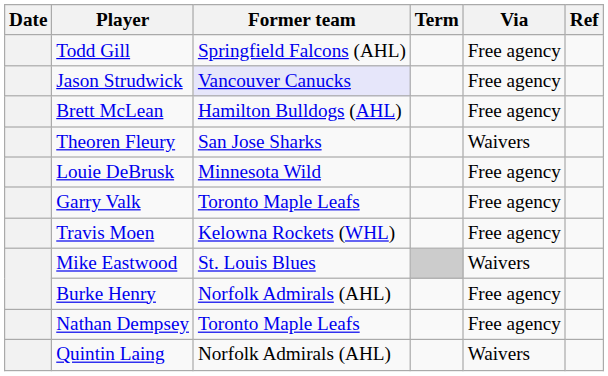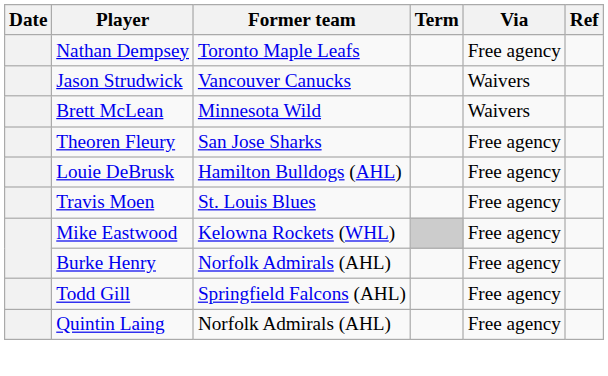 <table class="wikitable plainrowheaders">
 <tr style="background:#ddd; text-align:center;">
 <th>Date</th>
 <th>Player</th>
 <th>Former team</th>
 <th>Term</th>
 <th>Via</th>
 <th>Ref</th>
 </tr>
 <tr>
 <th scope="row"></th>
-<td><a href='#'>Todd Gill</a></td>
-<td><a href='#'>Springfield Falcons</a> (AHL)</td>
+<td><a href='#'>Nathan Dempsey</a></td>
+<td><a href='#'>Toronto Maple Leafs</a></td>
 <td></td>
 <td>Free agency</td>
 <td></td>
 </tr>
 <tr>
 <th scope="row"></th>
 <td><a href='#'>Jason Strudwick</a></td>
-<td style="background: lavender;"><a href='#'>Vancouver Canucks</a></td>
+<td><a href='#'>Vancouver Canucks</a></td>
+<td></td>
+<td>Waivers</td>
+<td></td>
+</tr>
+<tr>
+<th scope="row"></th>
+<td><a href='#'>Brett McLean</a></td>
+<td><a href='#'>Minnesota Wild</a></td>
+<td></td>
+<td>Waivers</td>
+<td></td>
+</tr>
+<tr>
+<th scope="row"></th>
+<td><a href='#'>Theoren Fleury</a></td>
+<td><a href='#'>San Jose Sharks</a></td>
 <td></td>
 <td>Free agency</td>
 <td></td>
 </tr>
 <tr>
 <th scope="row"></th>
-<td><a href='#'>Brett McLean</a></td>
+<td><a href='#'>Louie DeBrusk</a></td>
 <td><a href='#'>Hamilton Bulldogs</a> (<a href='#'>AHL</a>)</td>
 <td></td>
 <td>Free agency</td>
 <td></td>
 </tr>
 <tr>
 <th scope="row"></th>
-<td><a href='#'>Theoren Fleury</a></td>
-<td><a href='#'>San Jose Sharks</a></td>
-<td></td>
-<td>Waivers</td>
-<td></td>
-</tr>
-<tr>
-<th scope="row"></th>
-<td><a href='#'>Louie DeBrusk</a></td>
-<td><a href='#'>Minnesota Wild</a></td>
-<td></td>
-<td>Free agency</td>
-<td></td>
-</tr>
-<tr>
-<th scope="row"></th>
-<td><a href='#'>Garry Valk</a></td>
-<td><a href='#'>Toronto Maple Leafs</a></td>
-<td></td>
-<td>Free agency</td>
-<td></td>
-</tr>
-<tr>
-<th scope="row"></th>
 <td><a href='#'>Travis Moen</a></td>
-<td><a href='#'>Kelowna Rockets</a> (<a href='#'>WHL</a>)</td>
+<td><a href='#'>St. Louis Blues</a></td>
 <td></td>
 <td>Free agency</td>
 <td></td>
 </tr>
 <tr>
 <th scope="row" rowspan=2></th>
 <td><a href='#'>Mike Eastwood</a></td>
-<td><a href='#'>St. Louis Blues</a></td>
+<td><a href='#'>Kelowna Rockets</a> (<a href='#'>WHL</a>)</td>
 <td style="background:#ccc"></td>
-<td>Waivers</td>
+<td>Free agency</td>
 <td></td>
 </tr>
 <tr>
 <td><a href='#'>Burke Henry</a></td>
 <td><a href='#'>Norfolk Admirals</a> (AHL)</td>
 <td></td>
 <td>Free agency</td>
 <td></td>
 </tr>
 <tr>
 <th scope="row"></th>
-<td><a href='#'>Nathan Dempsey</a></td>
-<td><a href='#'>Toronto Maple Leafs</a></td>
+<td><a href='#'>Todd Gill</a></td>
+<td><a href='#'>Springfield Falcons</a> (AHL)</td>
 <td></td>
 <td>Free agency</td>
 <td></td>
 </tr>
 <tr>
 <th scope="row"></th>
 <td><a href='#'>Quintin Laing</a></td>
 <td>Norfolk Admirals (AHL)</td>
 <td></td>
-<td>Waivers</td>
+<td>Free agency</td>
 <td></td>
 </tr>
 </table>
